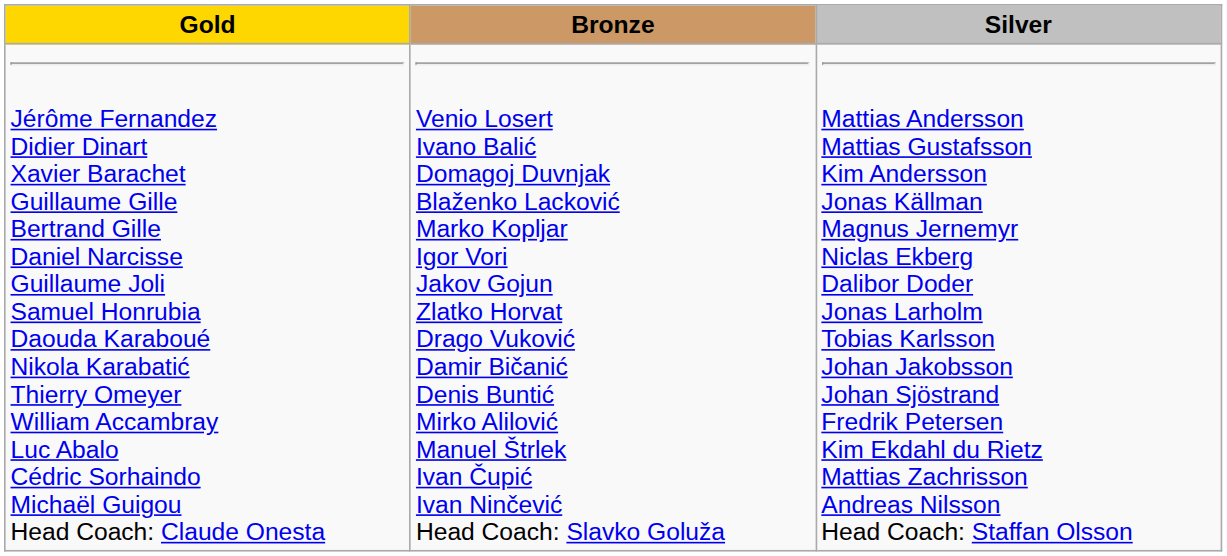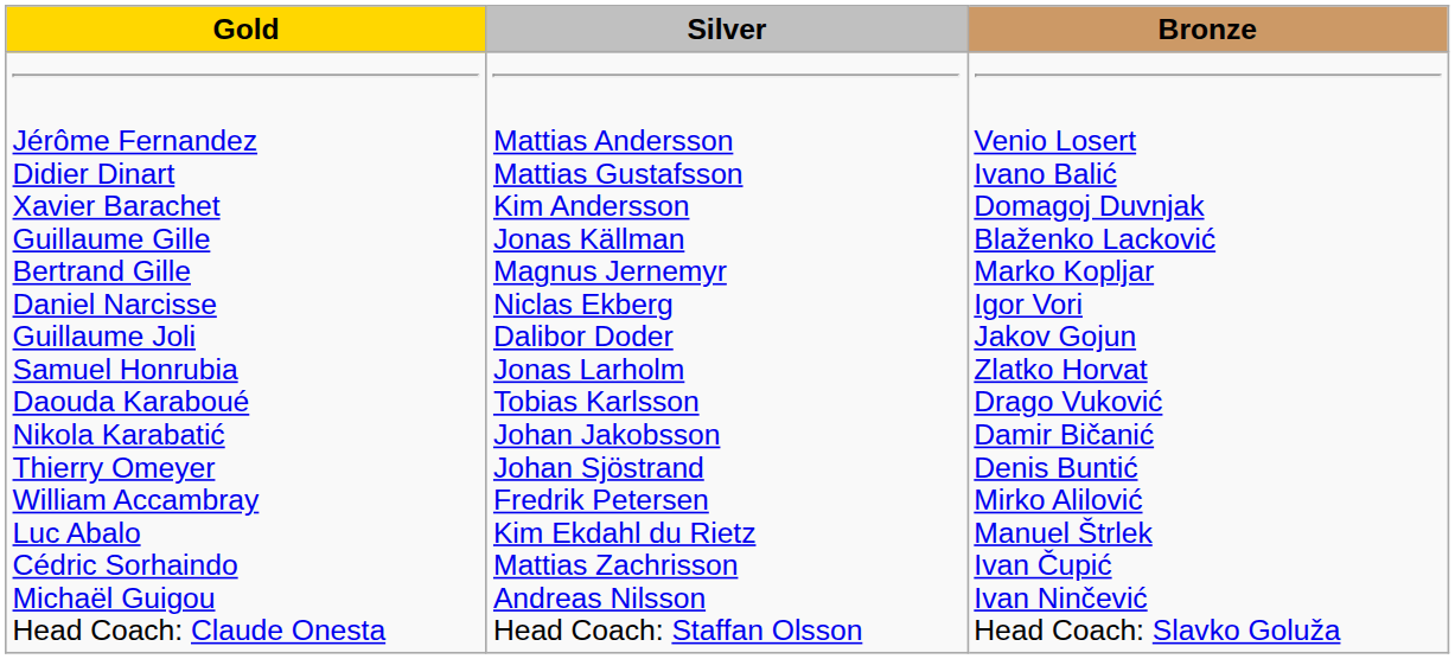 <table class="wikitable" style="text-align: ; font-size: 95%;">
 <tr>
 <th style="width: 16em; background: gold">Gold</th>
+<th style="width: 16em; background: silver">Silver</th>
 <th style="width: 16em; background: #CC9966">Bronze</th>
-<th style="width: 16em; background: silver">Silver</th>
 </tr>
 <tr>
 <td><hr><br><a href='#'>Jérôme Fernandez</a><br><a href='#'>Didier Dinart</a><br><a href='#'>Xavier Barachet</a><br><a href='#'>Guillaume Gille</a><br><a href='#'>Bertrand Gille</a><br><a href='#'>Daniel Narcisse</a><br><a href='#'>Guillaume Joli</a><br><a href='#'>Samuel Honrubia</a><br><a href='#'>Daouda Karaboué</a><br><a href='#'>Nikola Karabatić</a><br><a href='#'>Thierry Omeyer</a><br><a href='#'>William Accambray</a><br><a href='#'>Luc Abalo</a><br><a href='#'>Cédric Sorhaindo</a><br><a href='#'>Michaël Guigou</a><br>Head Coach: <a href='#'>Claude Onesta</a></td>
+<td><hr><br><a href='#'>Mattias Andersson</a><br><a href='#'>Mattias Gustafsson</a><br><a href='#'>Kim Andersson</a><br><a href='#'>Jonas Källman</a><br><a href='#'>Magnus Jernemyr</a><br><a href='#'>Niclas Ekberg</a><br><a href='#'>Dalibor Doder</a><br><a href='#'>Jonas Larholm</a><br><a href='#'>Tobias Karlsson</a><br><a href='#'>Johan Jakobsson</a><br><a href='#'>Johan Sjöstrand</a><br><a href='#'>Fredrik Petersen</a><br><a href='#'>Kim Ekdahl du Rietz</a><br><a href='#'>Mattias Zachrisson</a><br><a href='#'>Andreas Nilsson</a><br>Head Coach: <a href='#'>Staffan Olsson</a></td>
 <td><hr><br><a href='#'>Venio Losert</a><br><a href='#'>Ivano Balić</a><br><a href='#'>Domagoj Duvnjak</a><br><a href='#'>Blaženko Lacković</a><br><a href='#'>Marko Kopljar</a><br><a href='#'>Igor Vori</a><br><a href='#'>Jakov Gojun</a><br><a href='#'>Zlatko Horvat</a><br><a href='#'>Drago Vuković</a><br><a href='#'>Damir Bičanić</a><br><a href='#'>Denis Buntić</a><br><a href='#'>Mirko Alilović</a><br><a href='#'>Manuel Štrlek</a><br><a href='#'>Ivan Čupić</a><br><a href='#'>Ivan Ninčević</a><br>Head Coach: <a href='#'>Slavko Goluža</a></td>
-<td><hr><br><a href='#'>Mattias Andersson</a><br><a href='#'>Mattias Gustafsson</a><br><a href='#'>Kim Andersson</a><br><a href='#'>Jonas Källman</a><br><a href='#'>Magnus Jernemyr</a><br><a href='#'>Niclas Ekberg</a><br><a href='#'>Dalibor Doder</a><br><a href='#'>Jonas Larholm</a><br><a href='#'>Tobias Karlsson</a><br><a href='#'>Johan Jakobsson</a><br><a href='#'>Johan Sjöstrand</a><br><a href='#'>Fredrik Petersen</a><br><a href='#'>Kim Ekdahl du Rietz</a><br><a href='#'>Mattias Zachrisson</a><br><a href='#'>Andreas Nilsson</a><br>Head Coach: <a href='#'>Staffan Olsson</a></td>
 </tr>
 </table>
